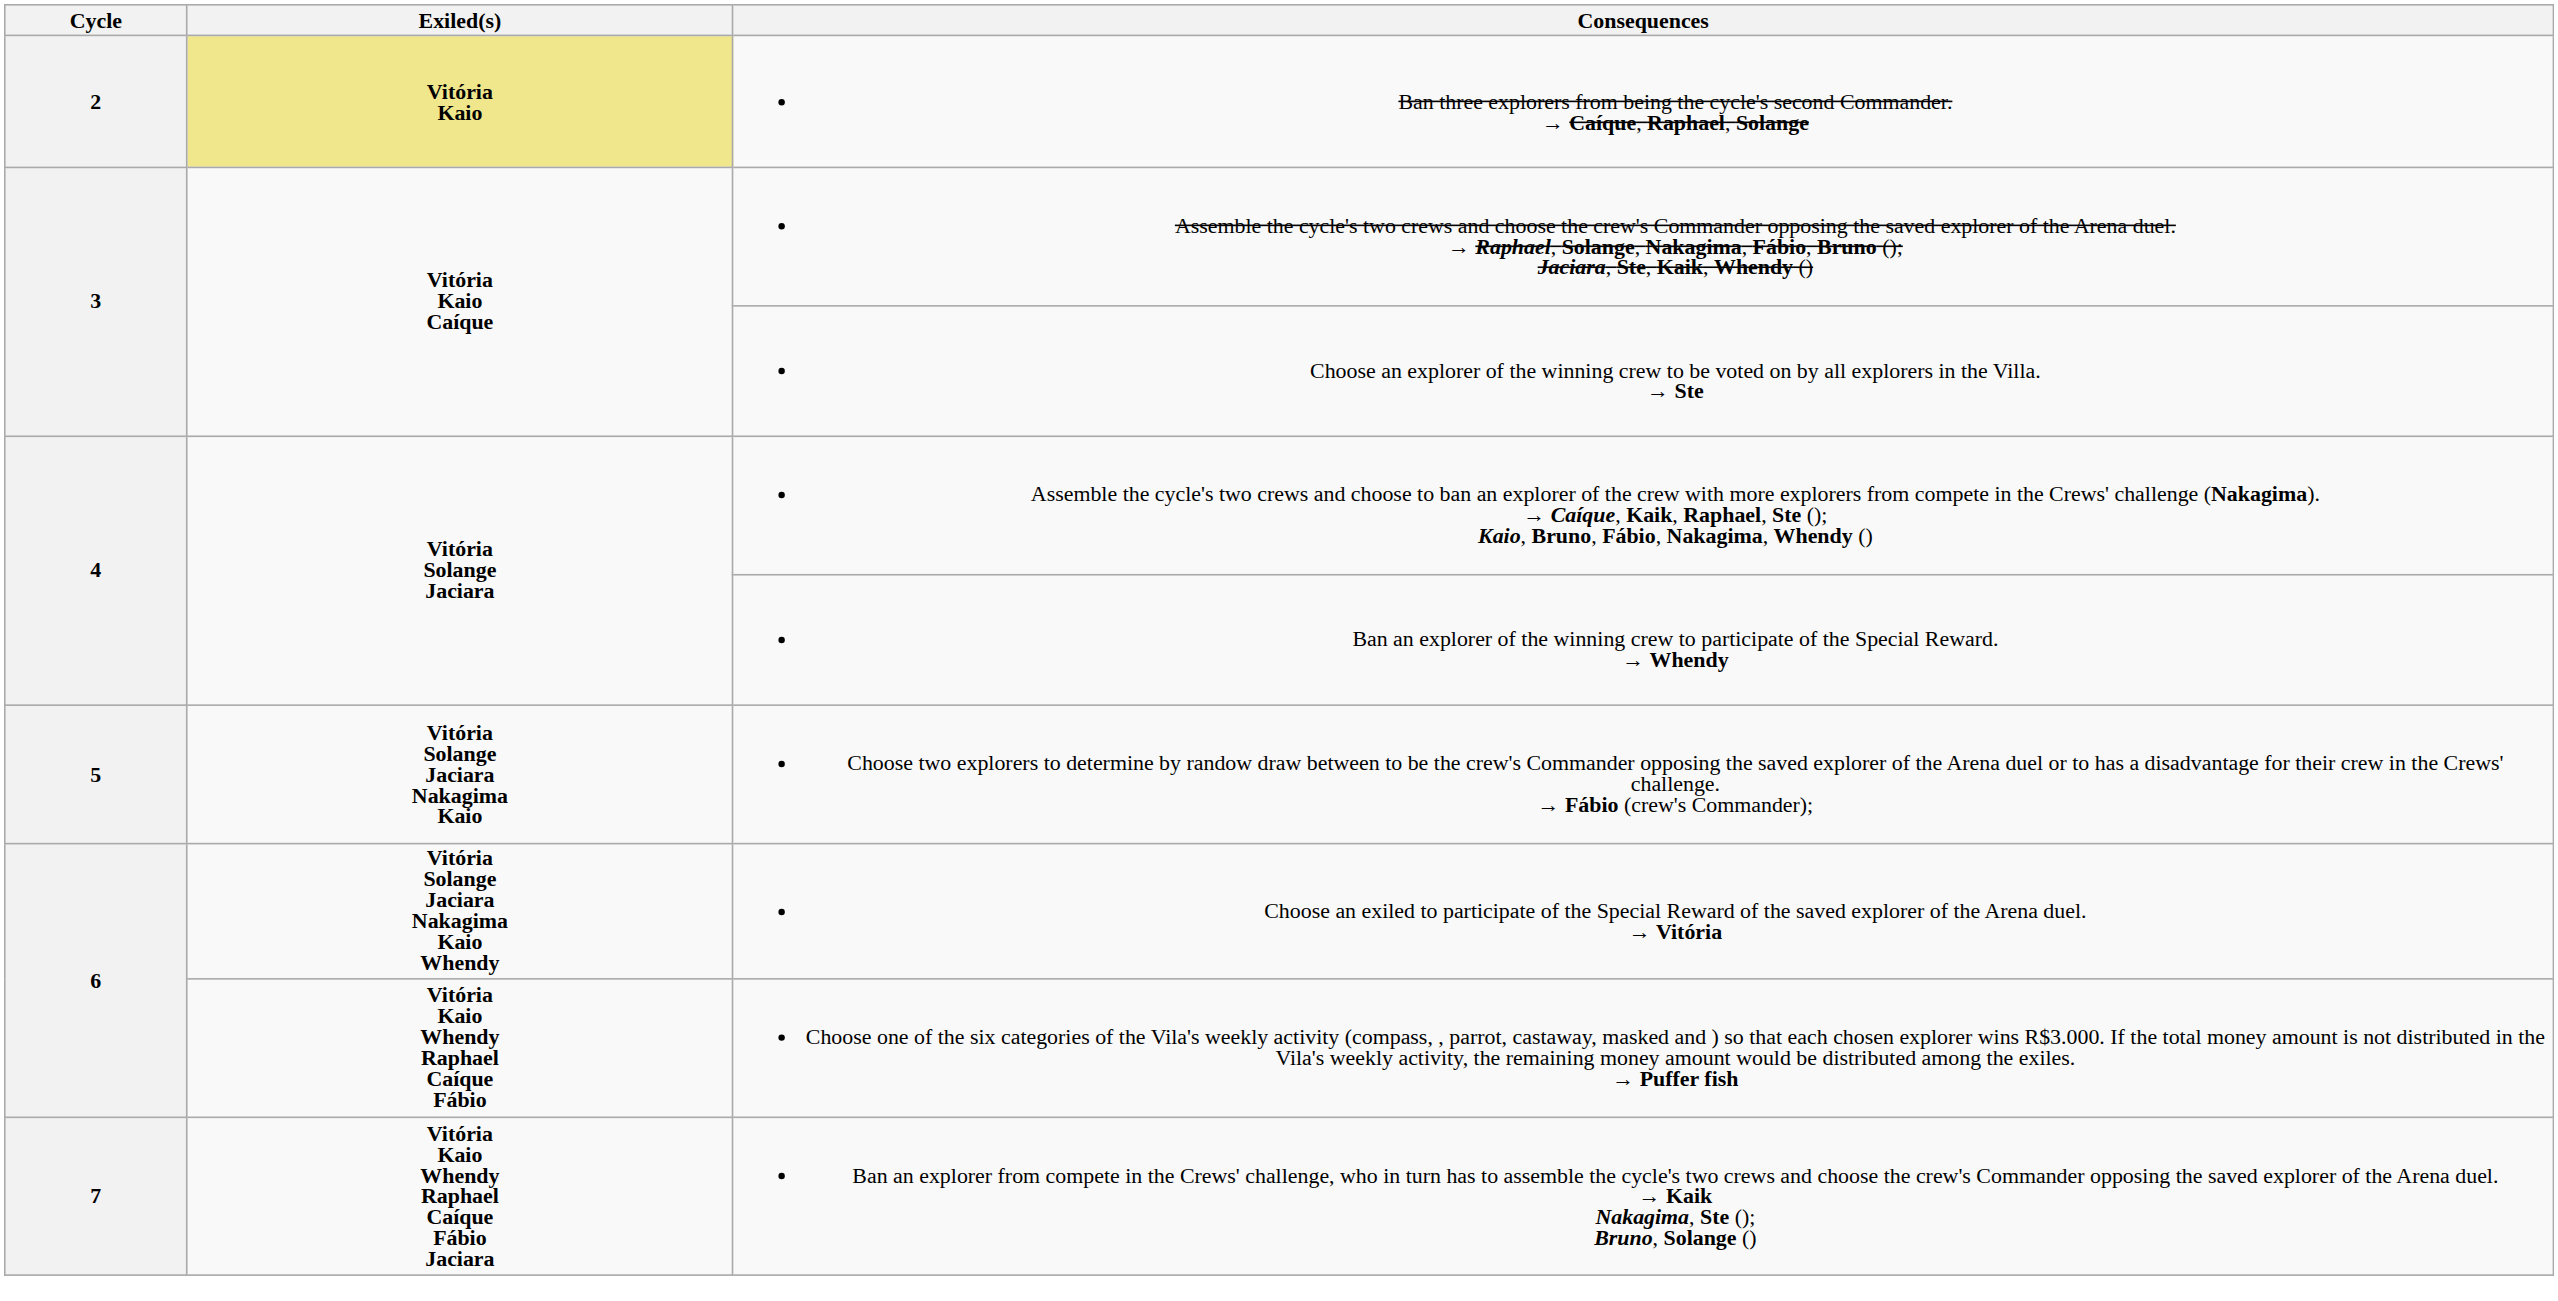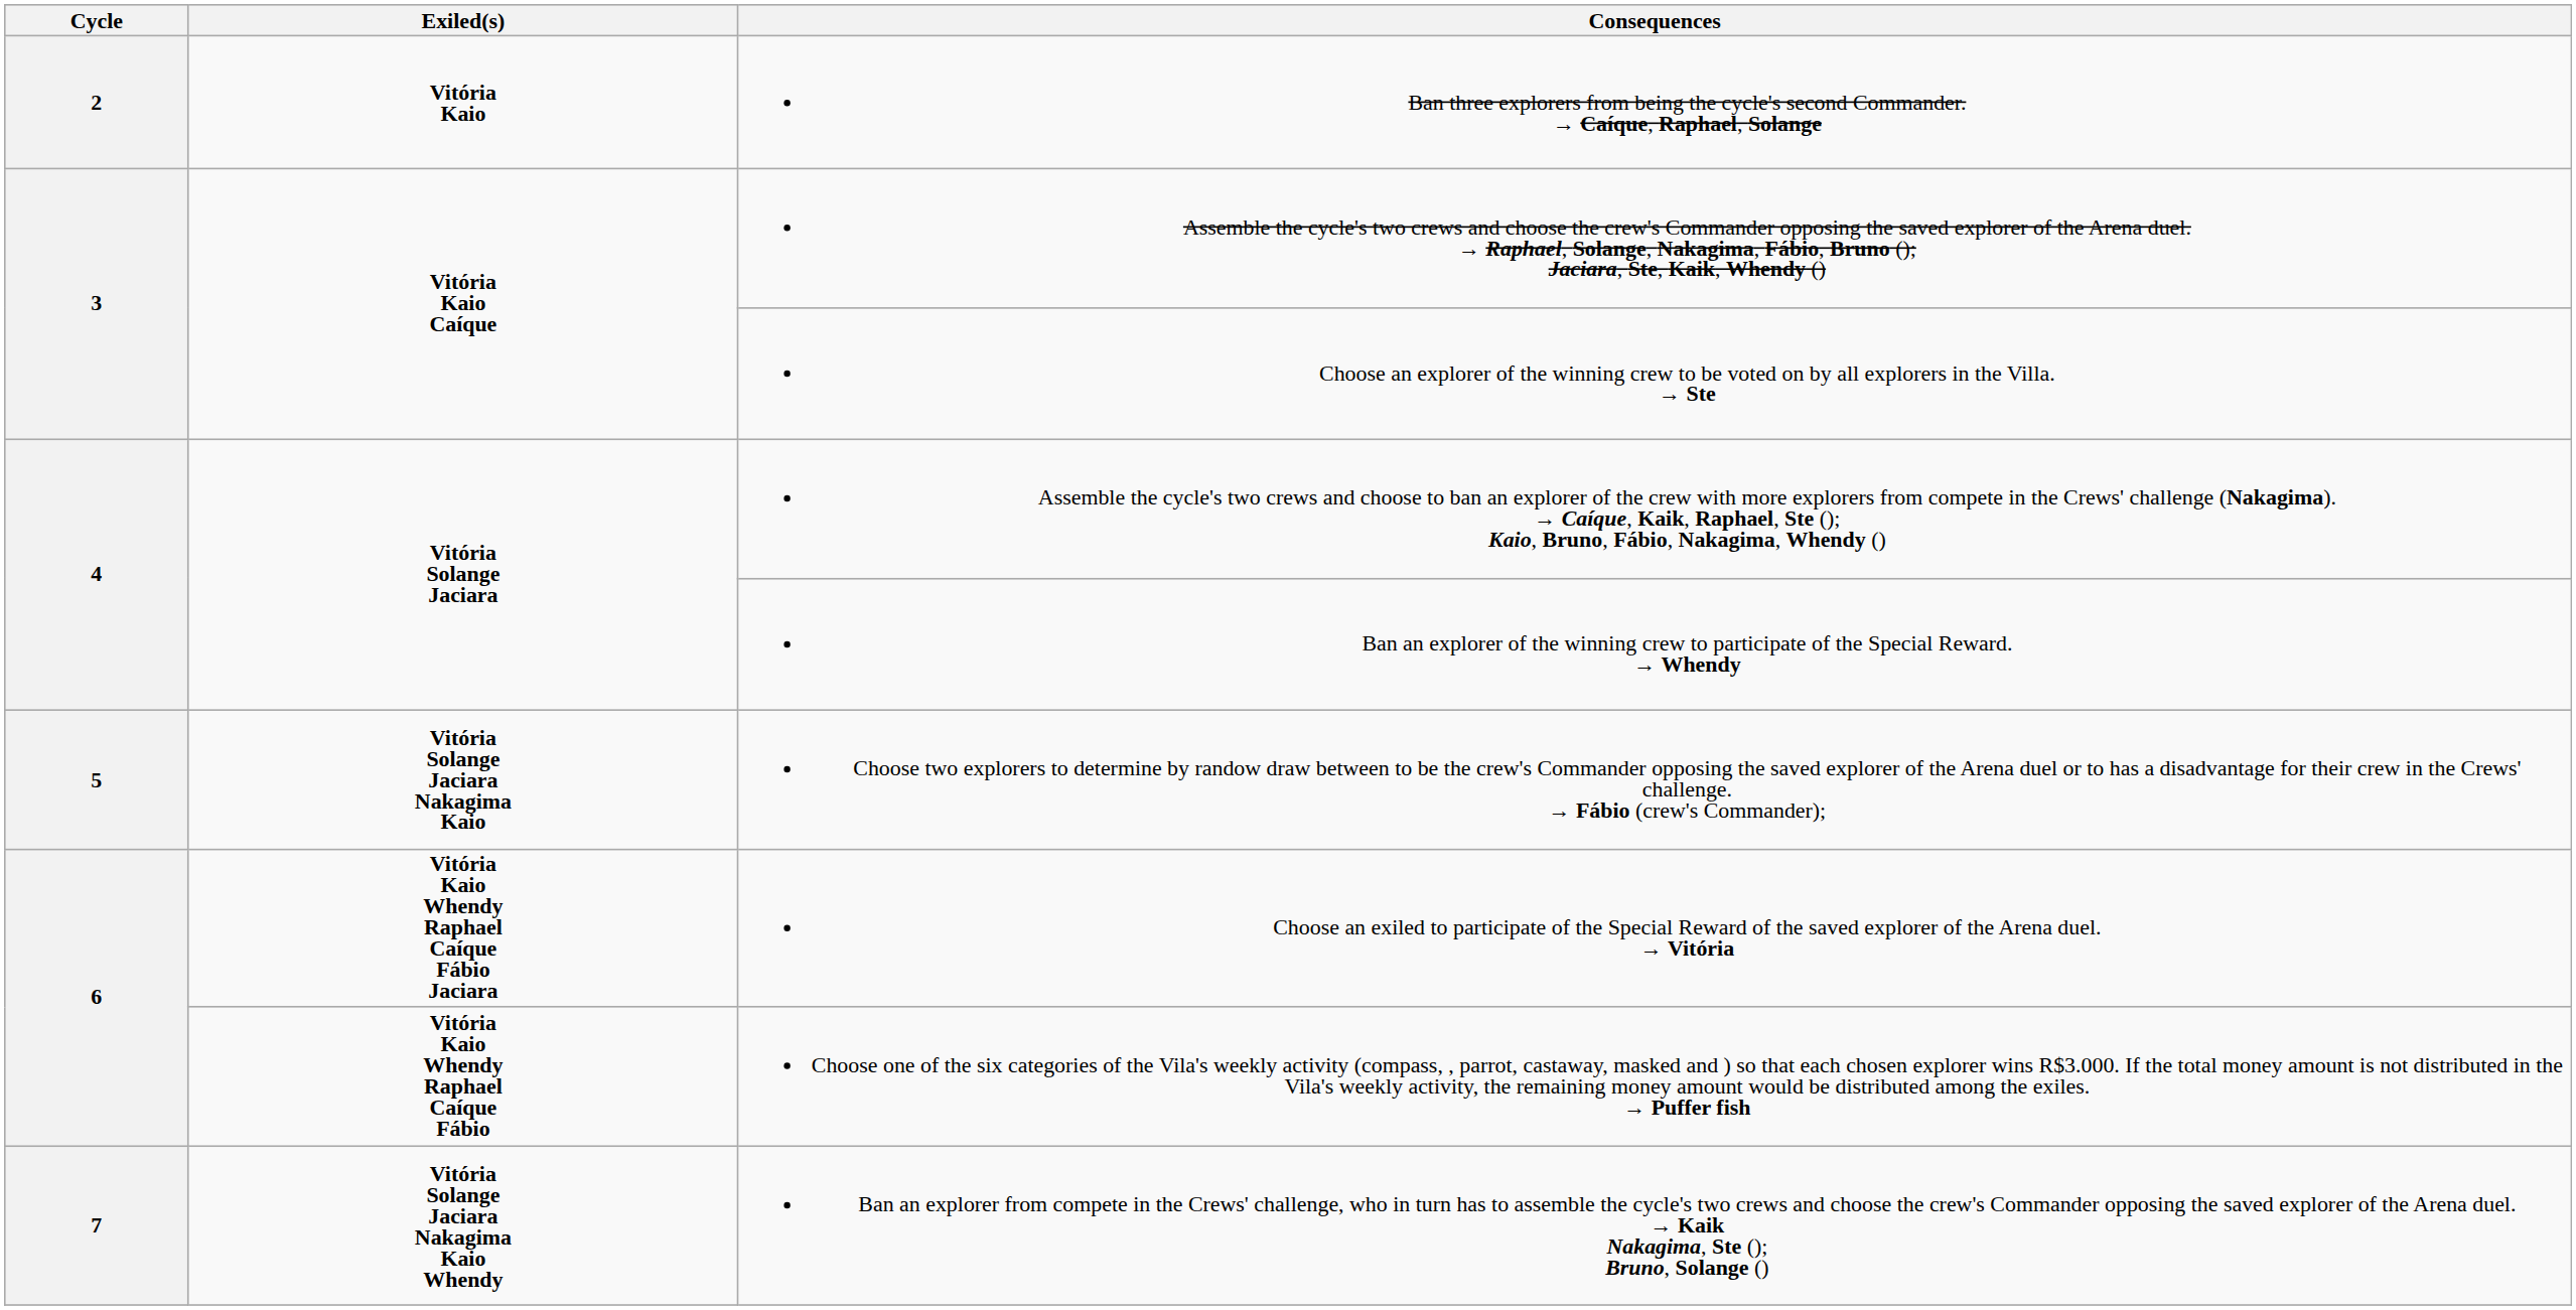 <table class="wikitable" style="text-align:center; font-size:85%; width:100%; line-height:13px;">
 <tr>
 <th style="width:05%">Cycle</th>
 <th style="width:15%">Exiled(s)</th>
 <th style="width:50%">Consequences</th>
 </tr>
 <tr>
 <th>2</th>
-<td style="background: khaki; height:75px"><strong>Vitória</strong><br><strong>Kaio</strong></td>
+<td style="height:75px"><strong>Vitória</strong><br><strong>Kaio</strong></td>
 <td style="height:75px"><br><ul><li><s>Ban three explorers from being the cycle's second Commander.</s><br>→ <s><strong>Caíque</strong>, <strong>Raphael</strong>, <strong>Solange</strong></s></li></ul></td>
 </tr>
 <tr>
 <th rowspan=2>3</th>
 <td style="height:150px" rowspan=2><strong>Vitória</strong><br><strong>Kaio</strong><br><strong>Caíque</strong></td>
 <td style="height:75px"><br><ul><li><s>Assemble the cycle's two crews and choose the crew's Commander opposing the saved explorer of the Arena duel.</s><br>→ <s><strong><em>Raphael</em></strong>, <strong>Solange</strong>, <strong>Nakagima</strong>, <strong>Fábio</strong>, <strong>Bruno</strong> ();</s><br><s><strong><em>Jaciara</em></strong>, <strong>Ste</strong>, <strong>Kaik</strong>, <strong>Whendy</strong> ()</s></li></ul></td>
 </tr>
 <tr>
 <td style="height:75px"><br><ul><li>Choose an explorer of the winning crew to be voted on by all explorers in the Villa.<br>→ <strong>Ste</strong></li></ul></td>
 </tr>
 <tr>
 <th rowspan=2>4</th>
 <td style="height:150px" rowspan=2><strong>Vitória</strong><br><strong>Solange</strong><br><strong>Jaciara</strong></td>
 <td style="height:75px"><br><ul><li>Assemble the cycle's two crews and choose to ban an explorer of the crew with more explorers from compete in the Crews' challenge (<strong>Nakagima</strong>).<br>→ <strong><em>Caíque</em></strong>, <strong>Kaik</strong>, <strong>Raphael</strong>, <strong>Ste</strong> ();<br><strong><em>Kaio</em></strong>, <strong>Bruno</strong>, <strong>Fábio</strong>, <strong>Nakagima</strong>, <strong>Whendy</strong> ()</li></ul></td>
 </tr>
 <tr>
 <td style="height:75px"><br><ul><li>Ban an explorer of the winning crew to participate of the Special Reward.<br>→ <strong>Whendy</strong></li></ul></td>
 </tr>
 <tr>
 <th>5</th>
 <td style="height:75px"><strong>Vitória</strong><br><strong>Solange</strong><br><strong>Jaciara</strong><br><strong>Nakagima</strong><br><strong>Kaio</strong></td>
 <td style="height:75px"><br><ul><li>Choose two explorers to determine by randow draw between to be the crew's Commander opposing the saved explorer of the Arena duel or to has a disadvantage for their crew in the Crews' challenge.<br>→ <strong>Fábio</strong> (crew's Commander); </li></ul></td>
 </tr>
 <tr>
 <th rowspan=2>6</th>
-<td style="height:75px"><strong>Vitória</strong><br><strong>Solange</strong><br><strong>Jaciara</strong><br><strong>Nakagima</strong><br><strong>Kaio</strong><br><strong>Whendy</strong></td>
+<td style="height:75px"><strong>Vitória</strong><br><strong>Kaio</strong><br><strong>Whendy</strong><br><strong>Raphael</strong><br><strong>Caíque</strong><br><strong>Fábio</strong><br><strong>Jaciara</strong></td>
 <td style="height:75px"><br><ul><li>Choose an exiled to participate of the Special Reward of the saved explorer of the Arena duel.<br>→ <strong>Vitória</strong></li></ul></td>
 </tr>
 <tr>
 <td style="height:75px"><strong>Vitória</strong><br><strong>Kaio</strong><br><strong>Whendy</strong><br><strong>Raphael</strong><br><strong>Caíque</strong><br><strong>Fábio</strong></td>
 <td style="height:75px"><br><ul><li>Choose one of the six categories of the Vila's weekly activity (compass, , parrot, castaway, masked and ) so that each chosen explorer wins R$3.000. If the total money amount is not distributed in the Vila's weekly activity, the remaining money amount would be distributed among the exiles.<br>→ <strong>Puffer fish</strong></li></ul></td>
 </tr>
 <tr>
 <th>7</th>
-<td style="height:75px"><strong>Vitória</strong><br><strong>Kaio</strong><br><strong>Whendy</strong><br><strong>Raphael</strong><br><strong>Caíque</strong><br><strong>Fábio</strong><br><strong>Jaciara</strong></td>
+<td style="height:75px"><strong>Vitória</strong><br><strong>Solange</strong><br><strong>Jaciara</strong><br><strong>Nakagima</strong><br><strong>Kaio</strong><br><strong>Whendy</strong></td>
 <td style="height:75px"><br><ul><li>Ban an explorer from compete in the Crews' challenge, who in turn has to assemble the cycle's two crews and choose the crew's Commander opposing the saved explorer of the Arena duel.<br>→ <strong>Kaik</strong><br><strong><em>Nakagima</em></strong>, <strong>Ste</strong> ();<br><strong><em>Bruno</em></strong>, <strong>Solange</strong> ()</li></ul></td>
 </tr>
 </table>
